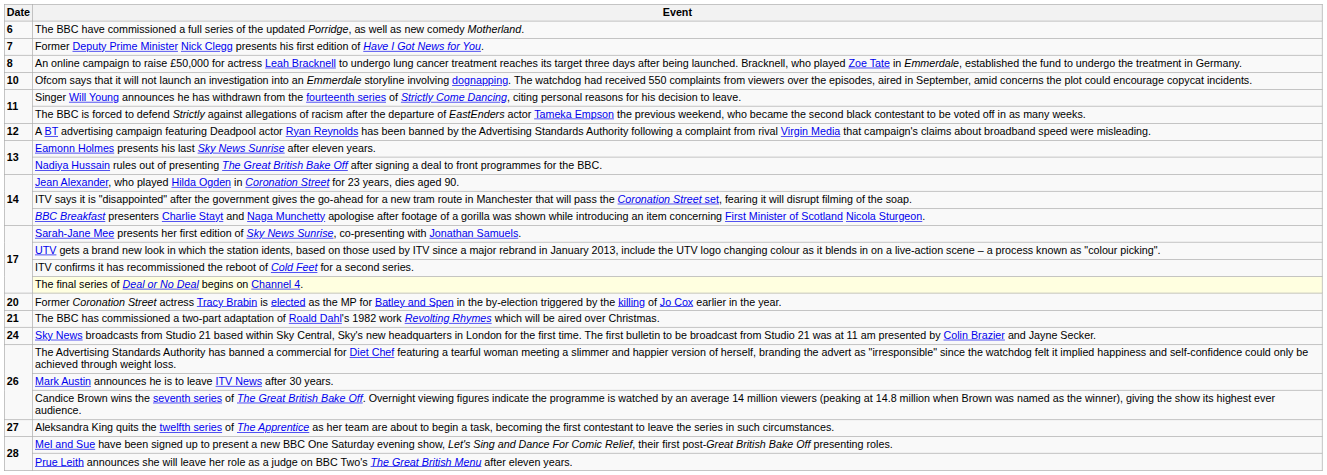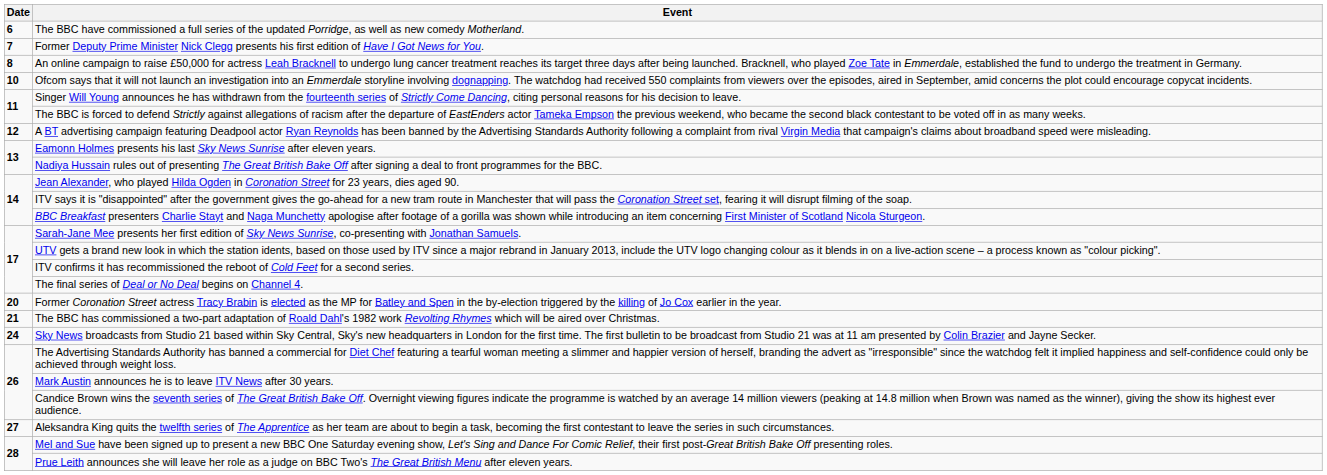 <table class="wikitable">
 <tr>
 <th>Date</th>
 <th>Event</th>
 </tr>
 <tr>
 <td><strong>6</strong></td>
 <td>The BBC have commissioned a full series of the updated <em>Porridge</em>, as well as new comedy <em>Motherland</em>.</td>
 </tr>
 <tr>
 <td><strong>7</strong></td>
 <td>Former <a href='#'>Deputy Prime Minister</a> <a href='#'>Nick Clegg</a> presents his first edition of <em><a href='#'>Have I Got News for You</a></em>.</td>
 </tr>
 <tr>
 <td><strong>8</strong></td>
 <td>An online campaign to raise £50,000 for actress <a href='#'>Leah Bracknell</a> to undergo lung cancer treatment reaches its target three days after being launched. Bracknell, who played <a href='#'>Zoe Tate</a> in <em>Emmerdale</em>, established the fund to undergo the treatment in Germany.</td>
 </tr>
 <tr>
 <td><strong>10</strong></td>
 <td>Ofcom says that it will not launch an investigation into an <em>Emmerdale</em> storyline involving <a href='#'>dognapping</a>. The watchdog had received 550 complaints from viewers over the episodes, aired in September, amid concerns the plot could encourage copycat incidents.</td>
 </tr>
 <tr>
 <td rowspan=2><strong>11</strong></td>
 <td>Singer <a href='#'>Will Young</a> announces he has withdrawn from the <a href='#'>fourteenth series</a> of <em><a href='#'>Strictly Come Dancing</a></em>, citing personal reasons for his decision to leave.</td>
 </tr>
 <tr>
 <td>The BBC is forced to defend <em>Strictly</em> against allegations of racism after the departure of <em>EastEnders</em> actor <a href='#'>Tameka Empson</a> the previous weekend, who became the second black contestant to be voted off in as many weeks.</td>
 </tr>
 <tr>
 <td><strong>12</strong></td>
 <td>A <a href='#'>BT</a> advertising campaign featuring Deadpool actor <a href='#'>Ryan Reynolds</a> has been banned by the Advertising Standards Authority following a complaint from rival <a href='#'>Virgin Media</a> that campaign's claims about broadband speed were misleading.</td>
 </tr>
 <tr>
 <td rowspan=2><strong>13</strong></td>
 <td><a href='#'>Eamonn Holmes</a> presents his last <em><a href='#'>Sky News Sunrise</a></em> after eleven years.</td>
 </tr>
 <tr>
 <td><a href='#'>Nadiya Hussain</a> rules out of presenting <em><a href='#'>The Great British Bake Off</a></em> after signing a deal to front programmes for the BBC.</td>
 </tr>
 <tr>
 <td rowspan=3><strong>14</strong></td>
 <td><a href='#'>Jean Alexander</a>, who played <a href='#'>Hilda Ogden</a> in <em><a href='#'>Coronation Street</a></em> for 23 years, dies aged 90.</td>
 </tr>
 <tr>
 <td>ITV says it is "disappointed" after the government gives the go-ahead for a new tram route in Manchester that will pass the <a href='#'><em>Coronation Street</em> set</a>, fearing it will disrupt filming of the soap.</td>
 </tr>
 <tr>
 <td><em><a href='#'>BBC Breakfast</a></em> presenters <a href='#'>Charlie Stayt</a> and <a href='#'>Naga Munchetty</a> apologise after footage of a gorilla was shown while introducing an item concerning <a href='#'>First Minister of Scotland</a> <a href='#'>Nicola Sturgeon</a>.</td>
 </tr>
 <tr>
 <td rowspan=4><strong>17</strong></td>
 <td><a href='#'>Sarah-Jane Mee</a> presents her first edition of <em><a href='#'>Sky News Sunrise</a></em>, co-presenting with <a href='#'>Jonathan Samuels</a>.</td>
 </tr>
 <tr>
 <td><a href='#'>UTV</a> gets a brand new look in which the station idents, based on those used by ITV since a major rebrand in January 2013, include the UTV logo changing colour as it blends in on a live-action scene – a process known as "colour picking".</td>
 </tr>
 <tr>
 <td>ITV confirms it has recommissioned the reboot of <em><a href='#'>Cold Feet</a></em> for a second series.</td>
 </tr>
 <tr>
-<td style="background: lightyellow;">The final series of <em><a href='#'>Deal or No Deal</a></em> begins on <a href='#'>Channel 4</a>.</td>
+<td>The final series of <em><a href='#'>Deal or No Deal</a></em> begins on <a href='#'>Channel 4</a>.</td>
 </tr>
 <tr>
 <td><strong>20</strong></td>
 <td>Former <em>Coronation Street</em> actress <a href='#'>Tracy Brabin</a> is <a href='#'>elected</a> as the MP for <a href='#'>Batley and Spen</a> in the by-election triggered by the <a href='#'>killing</a> of <a href='#'>Jo Cox</a> earlier in the year.</td>
 </tr>
 <tr>
 <td><strong>21</strong></td>
 <td>The BBC has commissioned a two-part adaptation of <a href='#'>Roald Dahl</a>'s 1982 work <em><a href='#'>Revolting Rhymes</a></em> which will be aired over Christmas.</td>
 </tr>
 <tr>
 <td><strong>24</strong></td>
 <td><a href='#'>Sky News</a> broadcasts from Studio 21 based within Sky Central, Sky's new headquarters in London for the first time. The first bulletin to be broadcast from Studio 21 was at 11 am presented by <a href='#'>Colin Brazier</a> and Jayne Secker.</td>
 </tr>
 <tr>
 <td rowspan=3><strong>26</strong></td>
 <td>The Advertising Standards Authority has banned a commercial for <a href='#'>Diet Chef</a> featuring a tearful woman meeting a slimmer and happier version of herself, branding the advert as "irresponsible" since the watchdog felt it implied happiness and self-confidence could only be achieved through weight loss.</td>
 </tr>
 <tr>
 <td><a href='#'>Mark Austin</a> announces he is to leave <a href='#'>ITV News</a> after 30 years.</td>
 </tr>
 <tr>
 <td>Candice Brown wins the <a href='#'>seventh series</a> of <em><a href='#'>The Great British Bake Off</a></em>. Overnight viewing figures indicate the programme is watched by an average 14 million viewers (peaking at 14.8 million when Brown was named as the winner), giving the show its highest ever audience.</td>
 </tr>
 <tr>
 <td><strong>27</strong></td>
 <td>Aleksandra King quits the <a href='#'>twelfth series</a> of <em><a href='#'>The Apprentice</a></em> as her team are about to begin a task, becoming the first contestant to leave the series in such circumstances.</td>
 </tr>
 <tr>
 <td rowspan=2><strong>28</strong></td>
 <td><a href='#'>Mel and Sue</a> have been signed up to present a new BBC One Saturday evening show, <em>Let's Sing and Dance For Comic Relief</em>, their first post-<em>Great British Bake Off</em> presenting roles.</td>
 </tr>
 <tr>
 <td><a href='#'>Prue Leith</a> announces she will leave her role as a judge on BBC Two's <em><a href='#'>The Great British Menu</a></em> after eleven years.</td>
 </tr>
 </table>
